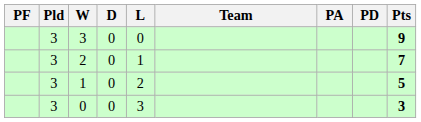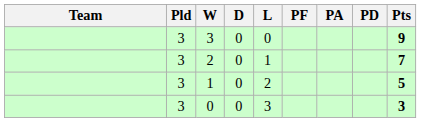 <table class="wikitable" style="text-align:center;">
 <tr>
-<th width=32 abbr="Points for">PF</th>
+<th width=175>Team</th>
 <th width=25 abbr="Played">Pld</th>
 <th width=25 abbr="Won">W</th>
 <th width=25 abbr="Drawn">D</th>
 <th width=25 abbr="Lost">L</th>
-<th width=175>Team</th>
+<th width=32 abbr="Points for">PF</th>
 <th width=32 abbr="Points against">PA</th>
 <th width=32 abbr="Points difference">PD</th>
 <th width=25 abbr="Points">Pts</th>
 </tr>
 <tr bgcolor=ccffcc>
-<td></td>
+<td align=left></td>
 <td>3</td>
 <td>3</td>
 <td>0</td>
 <td>0</td>
-<td align=left></td>
+<td></td>
 <td></td>
 <td></td>
 <td><strong>9</strong></td>
 </tr>
 <tr bgcolor=ccffcc>
-<td></td>
+<td align=left></td>
 <td>3</td>
 <td>2</td>
 <td>0</td>
 <td>1</td>
-<td align=left></td>
+<td></td>
 <td></td>
 <td></td>
 <td><strong>7</strong></td>
 </tr>
 <tr bgcolor=ccffcc>
-<td></td>
+<td align=left></td>
 <td>3</td>
 <td>1</td>
 <td>0</td>
 <td>2</td>
-<td align=left></td>
+<td></td>
 <td></td>
 <td></td>
 <td><strong>5</strong></td>
 </tr>
 <tr bgcolor=ccffcc>
-<td></td>
+<td align=left></td>
 <td>3</td>
 <td>0</td>
 <td>0</td>
 <td>3</td>
-<td align=left></td>
+<td></td>
 <td></td>
 <td></td>
 <td><strong>3</strong></td>
 </tr>
 </table>
